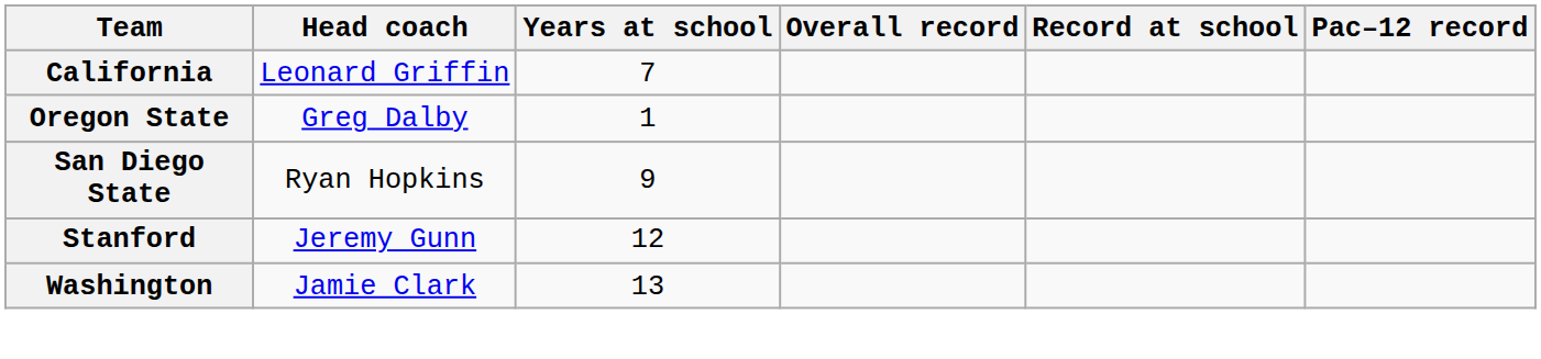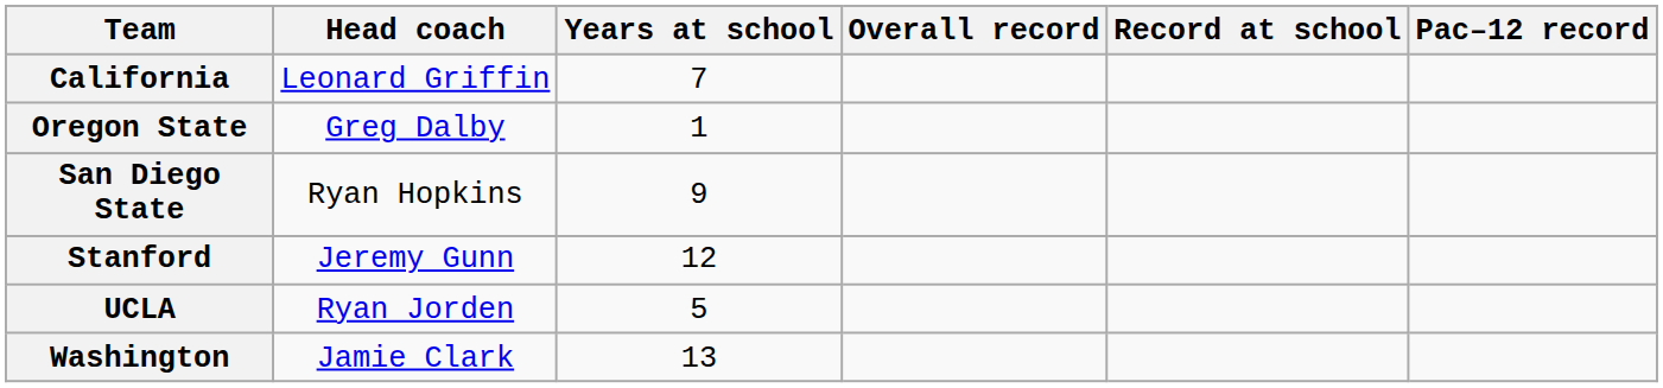 <table class="wikitable sortable" style="text-align: center;">
 <tr>
 <th style="width:110px;">Team</th>
 <th>Head coach</th>
 <th>Years at school</th>
 <th>Overall record</th>
 <th>Record at school</th>
 <th>Pac–12 record</th>
 </tr>
 <tr>
 <th>California</th>
 <td><a href='#'>Leonard Griffin</a></td>
 <td>7</td>
 <td></td>
 <td></td>
 <td></td>
 </tr>
 <tr>
 <th>Oregon State</th>
 <td><a href='#'>Greg Dalby</a></td>
 <td>1</td>
 <td></td>
 <td></td>
 <td></td>
 </tr>
 <tr>
 <th>San Diego State</th>
 <td>Ryan Hopkins</td>
 <td>9</td>
 <td></td>
 <td></td>
 <td></td>
 </tr>
 <tr>
 <th>Stanford</th>
 <td><a href='#'>Jeremy Gunn</a></td>
 <td>12</td>
 <td></td>
 <td></td>
 <td></td>
 </tr>
 <tr>
+<th>UCLA</th>
+<td><a href='#'>Ryan Jorden</a></td>
+<td>5</td>
+<td></td>
+<td></td>
+<td></td>
+</tr>
+<tr>
 <th>Washington</th>
 <td><a href='#'>Jamie Clark</a></td>
 <td>13</td>
 <td></td>
 <td></td>
 <td></td>
 </tr>
 </table>
